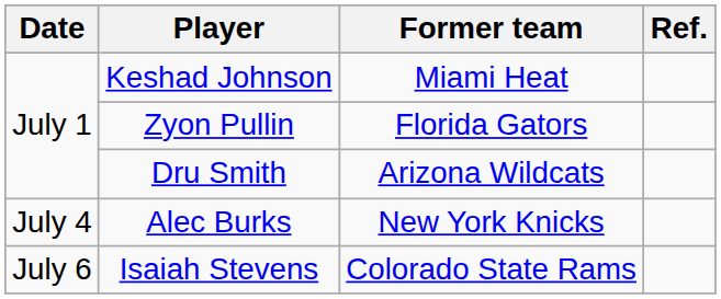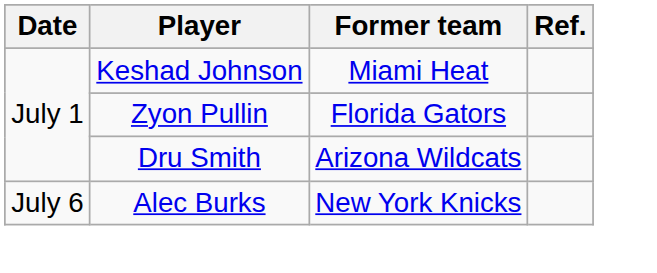 <table class="wikitable sortable sortable" style="text-align: center">
 <tr>
 <th>Date</th>
 <th>Player</th>
 <th>Former team</th>
 <th>Ref.</th>
 </tr>
 <tr>
 <td rowspan=3>July 1</td>
 <td><a href='#'>Keshad Johnson</a></td>
 <td><a href='#'>Miami Heat</a></td>
 <td></td>
 </tr>
 <tr>
 <td><a href='#'>Zyon Pullin</a></td>
 <td><a href='#'>Florida Gators</a></td>
 <td></td>
 </tr>
 <tr>
 <td><a href='#'>Dru Smith</a></td>
 <td><a href='#'>Arizona Wildcats</a></td>
 <td></td>
 </tr>
 <tr>
-<td>July 4</td>
+<td>July 6</td>
 <td><a href='#'>Alec Burks</a></td>
 <td><a href='#'>New York Knicks</a></td>
 <td></td>
 </tr>
-<tr>
-<td>July 6</td>
-<td><a href='#'>Isaiah Stevens</a></td>
-<td><a href='#'>Colorado State Rams</a></td>
-<td></td>
-</tr>
 </table>
